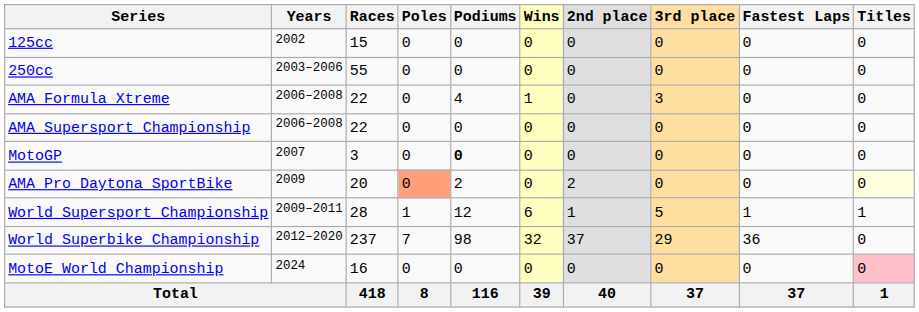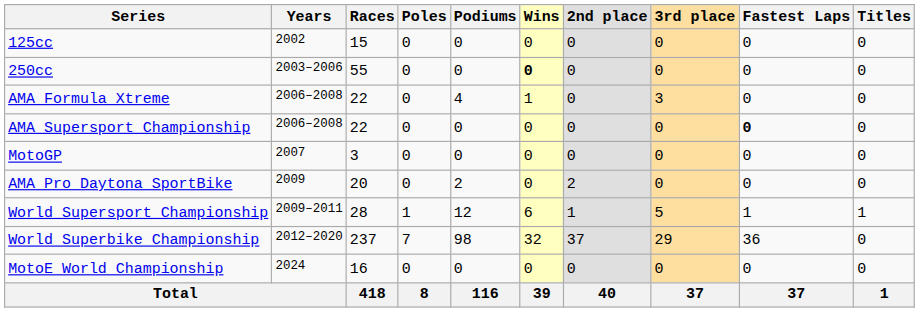 <table class="wikitable">
 <tr>
 <th>Series</th>
 <th>Years</th>
 <th>Races</th>
 <th>Poles</th>
 <th>Podiums</th>
 <td style="background:#ffffbf;"><strong>Wins</strong></td>
 <td style="background:#DFDFDF;"><strong>2nd place</strong></td>
 <td style="background:#FFDF9F;"><strong>3rd place</strong></td>
 <th>Fastest Laps</th>
 <th>Titles</th>
 </tr>
 <tr>
 <td><a href='#'>125cc</a></td>
 <td><sup>2002</sup></td>
 <td>15</td>
 <td>0</td>
 <td>0</td>
 <td style="background:#ffffbf;">0</td>
 <td style="background:#DFDFDF;">0</td>
 <td style="background:#FFDF9F;">0</td>
 <td>0</td>
 <td>0</td>
 </tr>
 <tr>
 <td><a href='#'>250cc</a></td>
 <td><sup>2003–2006</sup></td>
 <td>55</td>
 <td>0</td>
 <td>0</td>
-<td style="background:#ffffbf;">0</td>
+<td style="background:#ffffbf;"><strong>0</strong></td>
 <td style="background:#DFDFDF;">0</td>
 <td style="background:#FFDF9F;">0</td>
 <td>0</td>
 <td>0</td>
 </tr>
 <tr>
 <td><a href='#'>AMA Formula Xtreme</a></td>
 <td><sup>2006–2008</sup></td>
 <td>22</td>
 <td>0</td>
 <td>4</td>
 <td style="background:#ffffbf;">1</td>
 <td style="background:#DFDFDF;">0</td>
 <td style="background:#FFDF9F;">3</td>
 <td>0</td>
 <td>0</td>
 </tr>
 <tr>
 <td><a href='#'>AMA Supersport Championship</a></td>
 <td><sup>2006–2008</sup></td>
 <td>22</td>
 <td>0</td>
 <td>0</td>
 <td style="background:#ffffbf;">0</td>
 <td style="background:#DFDFDF;">0</td>
 <td style="background:#FFDF9F;">0</td>
-<td>0</td>
+<td><strong>0</strong></td>
 <td>0</td>
 </tr>
 <tr>
 <td><a href='#'>MotoGP</a></td>
 <td><sup>2007</sup></td>
 <td>3</td>
 <td>0</td>
-<td><strong>0</strong></td>
+<td>0</td>
 <td style="background:#ffffbf;">0</td>
 <td style="background:#DFDFDF;">0</td>
 <td style="background:#FFDF9F;">0</td>
 <td>0</td>
 <td>0</td>
 </tr>
 <tr>
 <td><a href='#'>AMA Pro Daytona SportBike</a></td>
 <td><sup>2009</sup></td>
 <td>20</td>
-<td style="background: lightsalmon;">0</td>
+<td>0</td>
 <td>2</td>
 <td style="background:#ffffbf;">0</td>
 <td style="background:#DFDFDF;">2</td>
 <td style="background:#FFDF9F;">0</td>
 <td>0</td>
-<td style="background: lightyellow;">0</td>
+<td>0</td>
 </tr>
 <tr>
 <td><a href='#'>World Supersport Championship</a></td>
 <td><sup>2009–2011</sup></td>
 <td>28</td>
 <td>1</td>
 <td>12</td>
 <td style="background:#ffffbf;">6</td>
 <td style="background:#DFDFDF;">1</td>
 <td style="background:#FFDF9F;">5</td>
 <td>1</td>
 <td>1</td>
 </tr>
 <tr>
 <td><a href='#'>World Superbike Championship</a></td>
 <td><sup>2012–2020</sup></td>
 <td>237</td>
 <td>7</td>
 <td>98</td>
 <td style="background:#ffffbf;">32</td>
 <td style="background:#DFDFDF;">37</td>
 <td style="background:#FFDF9F;">29</td>
 <td>36</td>
 <td>0</td>
 </tr>
 <tr>
 <td><a href='#'>MotoE World Championship</a></td>
 <td><sup>2024</sup></td>
 <td>16</td>
 <td>0</td>
 <td>0</td>
 <td style="background:#ffffbf;">0</td>
 <td style="background:#DFDFDF;">0</td>
 <td style="background:#FFDF9F;">0</td>
 <td>0</td>
-<td style="background: pink;">0</td>
+<td>0</td>
 </tr>
 <tr>
 <th colspan=2>Total</th>
 <th>418</th>
 <th>8</th>
 <th>116</th>
 <th>39</th>
 <th>40</th>
 <th>37</th>
 <th>37</th>
 <th>1</th>
 </tr>
 </table>
